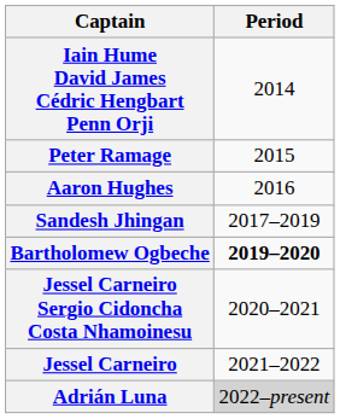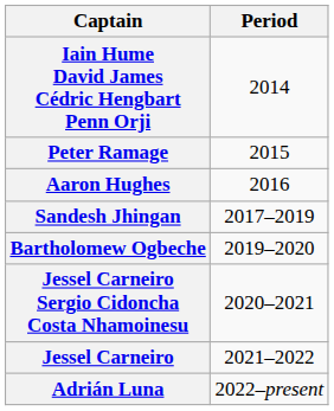 <table class="wikitable sortable plainrowheaders">
 <tr>
 <th scope="col">Captain</th>
 <th scope="col">Period</th>
 </tr>
 <tr>
 <th scope="row"> <a href='#'>Iain Hume</a><br> <a href='#'>David James</a><br> <a href='#'>Cédric Hengbart</a><br> <a href='#'>Penn Orji</a></th>
 <td align="center">2014</td>
 </tr>
 <tr>
 <th scope="row"> <a href='#'>Peter Ramage</a></th>
 <td align="center">2015</td>
 </tr>
 <tr>
 <th scope="row"> <a href='#'>Aaron Hughes</a></th>
 <td align="center">2016</td>
 </tr>
 <tr>
 <th scope="row"> <a href='#'>Sandesh Jhingan</a></th>
 <td align="center">2017–2019</td>
 </tr>
 <tr>
 <th scope="row"> <a href='#'>Bartholomew Ogbeche</a></th>
-<td align="center"><strong>2019–2020</strong></td>
+<td align="center">2019–2020</td>
 </tr>
 <tr>
 <th scope="row"> <a href='#'>Jessel Carneiro</a><br> <a href='#'>Sergio Cidoncha</a><br> <a href='#'>Costa Nhamoinesu</a></th>
 <td align="center">2020–2021</td>
 </tr>
 <tr>
 <th scope="row"> <a href='#'>Jessel Carneiro</a></th>
 <td align="center">2021–2022</td>
 </tr>
 <tr>
 <th scope="row"> <a href='#'>Adrián Luna</a></th>
-<td align="center" style="background: lightgrey;">2022–<em>present</em></td>
+<td align="center">2022–<em>present</em></td>
 </tr>
 </table>
